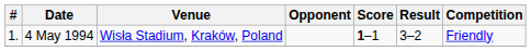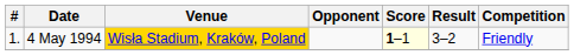 <table class="wikitable">
 <tr>
 <th>#</th>
 <th>Date</th>
 <th>Venue</th>
 <th>Opponent</th>
 <th>Score</th>
 <th>Result</th>
 <th>Competition</th>
 </tr>
 <tr>
 <td>1.</td>
 <td>4 May 1994</td>
-<td><a href='#'>Wisła Stadium</a>, <a href='#'>Kraków</a>, <a href='#'>Poland</a></td>
+<td style="background: gold;"><a href='#'>Wisła Stadium</a>, <a href='#'>Kraków</a>, <a href='#'>Poland</a></td>
 <td></td>
-<td><strong>1</strong>–1</td>
+<td style="background: lightyellow;"><strong>1</strong>–1</td>
 <td>3–2</td>
 <td><a href='#'>Friendly</a></td>
 </tr>
 <tr>
 </tr>
 </table>
